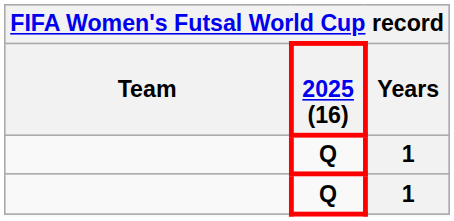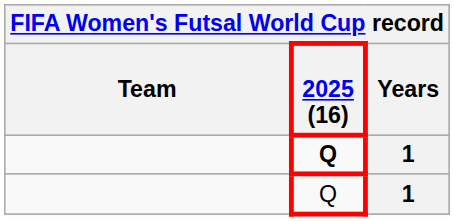 <table class="wikitable" style="text-align:center; font-size:90%">
 <tr>
 <th colspan=12><a href='#'>FIFA Women's Futsal World Cup</a> record</th>
 </tr>
 <tr>
 <th width=170>Team</th>
 <th style="border:3px solid red"><br><a href='#'>2025</a><br>(16)</th>
 <th>Years</th>
 </tr>
 <tr>
 <td align="left"></td>
 <td style="border: 3px solid red"><strong>Q</strong></td>
 <th>1</th>
 </tr>
 <tr>
 <td align="left"></td>
-<td style="border: 3px solid red"><strong>Q</strong></td>
+<td style="border: 3px solid red">Q</td>
 <th>1</th>
 </tr>
 </table>
